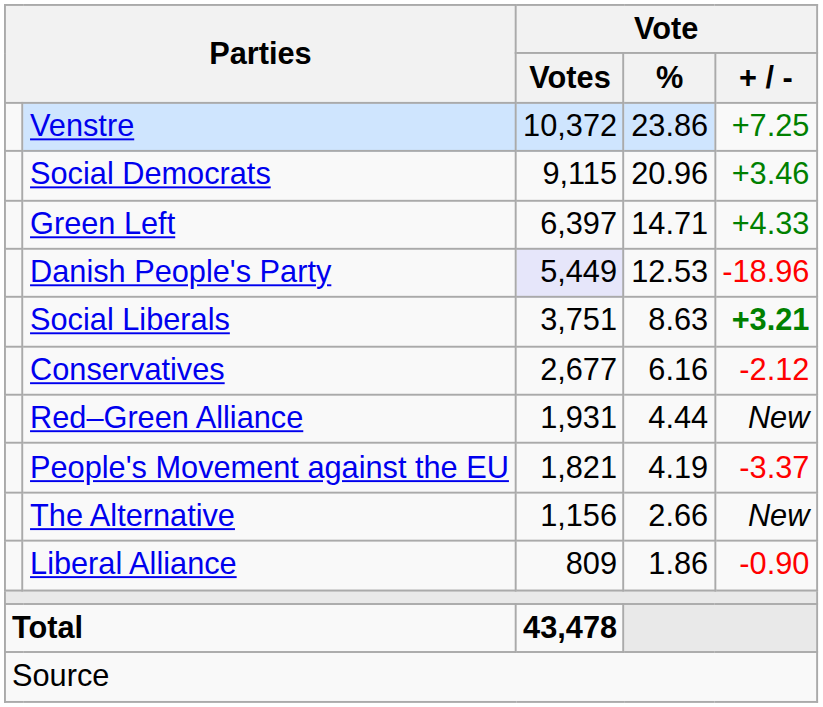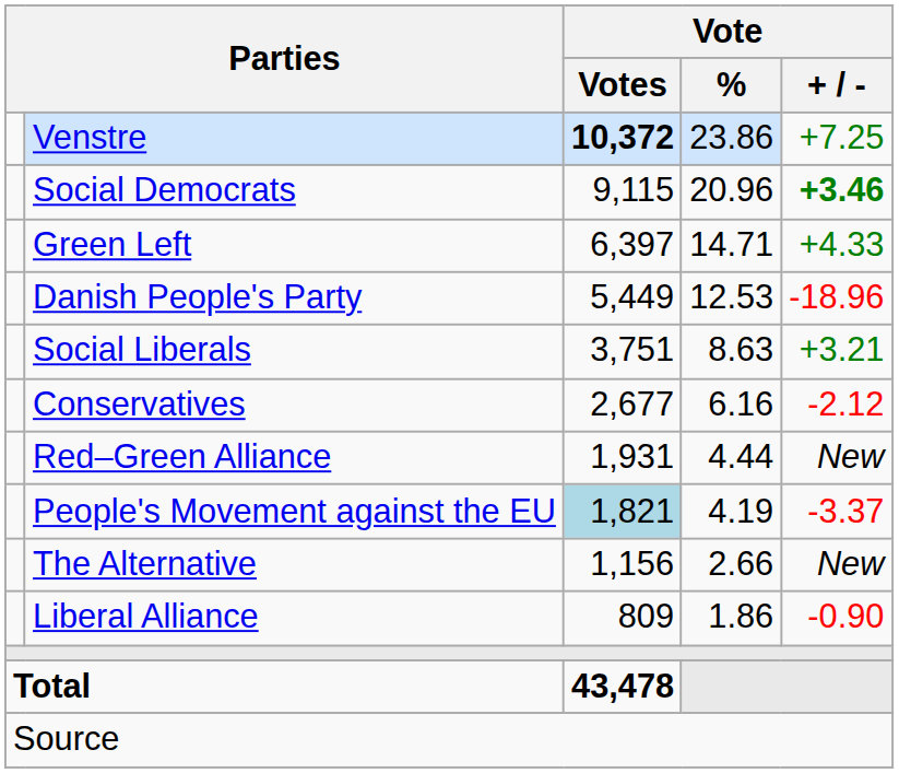 <table class="wikitable" style="text-align:right;">
 <tr>
 <th style="text-align:centre;" rowspan="2" colspan="2" width="225">Parties</th>
 <th colspan="3">Vote</th>
 </tr>
 <tr>
 <th width="15">Votes</th>
 <th width="15">%</th>
 <th width="15">+ / -</th>
 </tr>
 <tr>
 <td width="2" style="color:inherit;background:"></td>
 <td bgcolor=#cfe5fe   align="left"><a href='#'>Venstre</a></td>
-<td bgcolor=#cfe5fe>10,372</td>
+<td bgcolor=#cfe5fe><strong>10,372</strong></td>
 <td bgcolor=#cfe5fe>23.86</td>
 <td style=color:green;>+7.25</td>
 </tr>
 <tr>
 <td width="2" style="color:inherit;background:"></td>
 <td align="left"><a href='#'>Social Democrats</a></td>
 <td>9,115</td>
 <td>20.96</td>
-<td style=color:green;>+3.46</td>
+<td style=color:green;><strong>+3.46</strong></td>
 </tr>
 <tr>
 <td width="2" style="color:inherit;background:"></td>
 <td align="left"><a href='#'>Green Left</a></td>
 <td>6,397</td>
 <td>14.71</td>
 <td style=color:green;>+4.33</td>
 </tr>
 <tr>
 <td width="2" style="color:inherit;background:"></td>
 <td align="left"><a href='#'>Danish People's Party</a></td>
-<td style="background: lavender;">5,449</td>
+<td>5,449</td>
 <td>12.53</td>
 <td style=color:red;>-18.96</td>
 </tr>
 <tr>
 <td width="2" style="color:inherit;background:"></td>
 <td align="left"><a href='#'>Social Liberals</a></td>
 <td>3,751</td>
 <td>8.63</td>
-<td style=color:green;><strong>+3.21</strong></td>
+<td style=color:green;>+3.21</td>
 </tr>
 <tr>
 <td width="2" style="color:inherit;background:"></td>
 <td align="left"><a href='#'>Conservatives</a></td>
 <td>2,677</td>
 <td>6.16</td>
 <td style=color:red;>-2.12</td>
 </tr>
 <tr>
 <td width="2" style="color:inherit;background:"></td>
 <td align="left"><a href='#'>Red–Green Alliance</a></td>
 <td>1,931</td>
 <td>4.44</td>
 <td><em>New</em></td>
 </tr>
 <tr>
 <td width="2" style="color:inherit;background:"></td>
 <td align="left"><a href='#'>People's Movement against the EU</a></td>
-<td>1,821</td>
+<td style="background: lightblue;">1,821</td>
 <td>4.19</td>
 <td style=color:red;>-3.37</td>
 </tr>
 <tr>
 <td width="2" style="color:inherit;background:"></td>
 <td align="left"><a href='#'>The Alternative</a></td>
 <td>1,156</td>
 <td>2.66</td>
 <td><em>New</em></td>
 </tr>
 <tr>
 <td width="2" style="color:inherit;background:"></td>
 <td align="left"><a href='#'>Liberal Alliance</a></td>
 <td>809</td>
 <td>1.86</td>
 <td style=color:red;>-0.90</td>
 </tr>
 <tr>
 <td colspan="7" bgcolor="#E9E9E9"></td>
 </tr>
 <tr>
 <td align="left" colspan="2"><strong>Total</strong></td>
 <td><strong>43,478</strong></td>
 <td bgcolor="#E9E9E9" colspan="2"></td>
 </tr>
 <tr>
 <td align="left" colspan="6">Source</td>
 </tr>
 </table>
